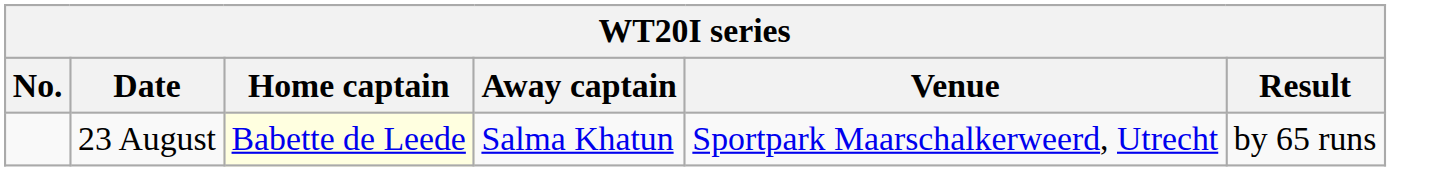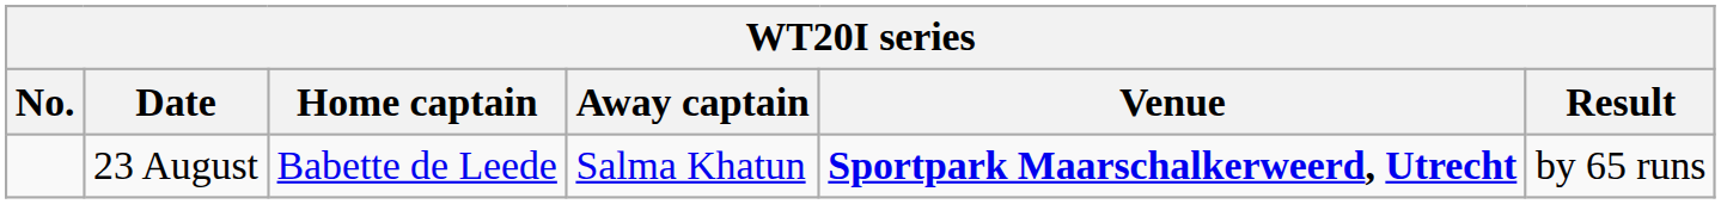 <table class="wikitable">
 <tr>
 <th colspan="8">WT20I series</th>
 </tr>
 <tr>
 <th>No.</th>
 <th>Date</th>
 <th>Home captain</th>
 <th>Away captain</th>
 <th>Venue</th>
 <th>Result</th>
 </tr>
 <tr>
 <td></td>
 <td>23 August</td>
-<td style="background: lightyellow;"><a href='#'>Babette de Leede</a></td>
+<td><a href='#'>Babette de Leede</a></td>
 <td><a href='#'>Salma Khatun</a></td>
-<td><a href='#'>Sportpark Maarschalkerweerd</a>, <a href='#'>Utrecht</a></td>
+<td><strong><a href='#'>Sportpark Maarschalkerweerd</a>, <a href='#'>Utrecht</a></strong></td>
 <td> by 65 runs</td>
 </tr>
 </table>
